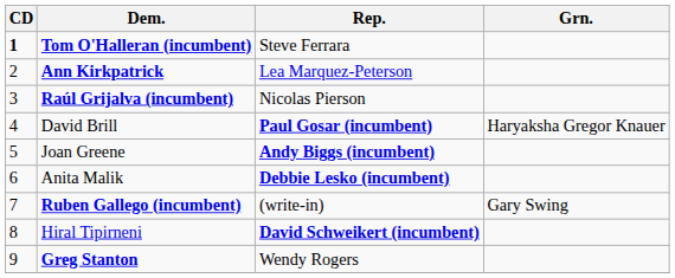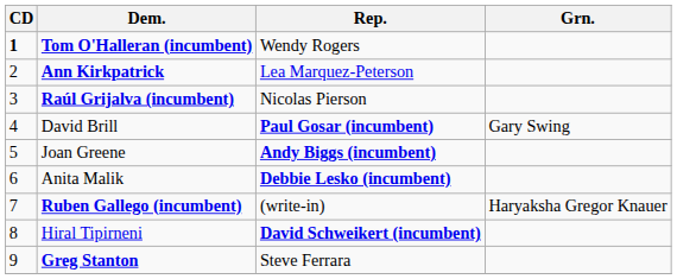 <table class="wikitable">
 <tr>
 <th>CD</th>
 <th>Dem.</th>
 <th>Rep.</th>
 <th>Grn.</th>
 </tr>
 <tr>
 <td><strong>1</strong></td>
 <td><strong><a href='#'>Tom O'Halleran (incumbent)</a></strong></td>
-<td>Steve Ferrara</td>
+<td>Wendy Rogers</td>
 <td></td>
 </tr>
 <tr>
 <td>2</td>
 <td><strong><a href='#'>Ann Kirkpatrick</a></strong></td>
 <td><a href='#'>Lea Marquez-Peterson</a></td>
 <td></td>
 </tr>
 <tr>
 <td>3</td>
 <td><strong><a href='#'>Raúl Grijalva (incumbent)</a></strong></td>
 <td>Nicolas Pierson</td>
 <td></td>
 </tr>
 <tr>
 <td>4</td>
 <td>David Brill</td>
 <td><strong><a href='#'>Paul Gosar (incumbent)</a></strong></td>
-<td>Haryaksha Gregor Knauer</td>
+<td>Gary Swing</td>
 </tr>
 <tr>
 <td>5</td>
 <td>Joan Greene</td>
 <td><strong><a href='#'>Andy Biggs (incumbent)</a></strong></td>
 <td></td>
 </tr>
 <tr>
 <td>6</td>
 <td>Anita Malik</td>
 <td><strong><a href='#'>Debbie Lesko (incumbent)</a></strong></td>
 <td></td>
 </tr>
 <tr>
 <td>7</td>
 <td><strong><a href='#'>Ruben Gallego (incumbent)</a></strong></td>
 <td>(write-in)</td>
-<td>Gary Swing</td>
+<td>Haryaksha Gregor Knauer</td>
 </tr>
 <tr>
 <td>8</td>
 <td><a href='#'>Hiral Tipirneni</a></td>
 <td><strong><a href='#'>David Schweikert (incumbent)</a></strong></td>
 <td></td>
 </tr>
 <tr>
 <td>9</td>
 <td><strong><a href='#'>Greg Stanton</a></strong></td>
-<td>Wendy Rogers</td>
+<td>Steve Ferrara</td>
 <td></td>
 </tr>
 <tr>
 </tr>
 </table>
